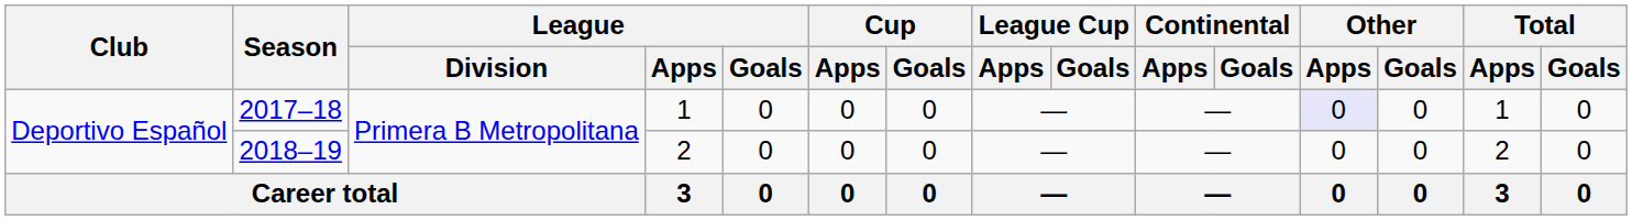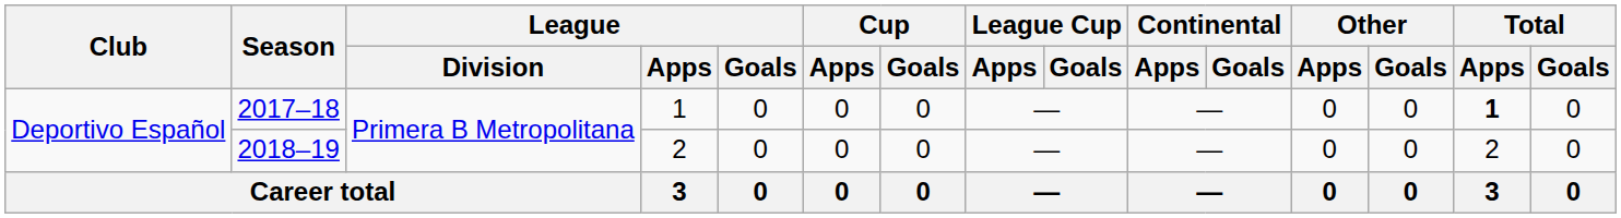 <table class="wikitable" style="text-align:center">
 <tr>
 <th rowspan="2">Club</th>
 <th rowspan="2">Season</th>
 <th colspan="3">League</th>
 <th colspan="2">Cup</th>
 <th colspan="2">League Cup</th>
 <th colspan="2">Continental</th>
 <th colspan="2">Other</th>
 <th colspan="2">Total</th>
 </tr>
 <tr>
 <th>Division</th>
 <th>Apps</th>
 <th>Goals</th>
 <th>Apps</th>
 <th>Goals</th>
 <th>Apps</th>
 <th>Goals</th>
 <th>Apps</th>
 <th>Goals</th>
 <th>Apps</th>
 <th>Goals</th>
 <th>Apps</th>
 <th>Goals</th>
 </tr>
 <tr>
 <td rowspan="2"><a href='#'>Deportivo Español</a></td>
 <td><a href='#'>2017–18</a></td>
 <td rowspan="2"><a href='#'>Primera B Metropolitana</a></td>
 <td>1</td>
 <td>0</td>
 <td>0</td>
 <td>0</td>
 <td colspan="2">—</td>
 <td colspan="2">—</td>
-<td style="background: lavender;">0</td>
 <td>0</td>
-<td>1</td>
+<td>0</td>
+<td><strong>1</strong></td>
 <td>0</td>
 </tr>
 <tr>
 <td><a href='#'>2018–19</a></td>
 <td>2</td>
 <td>0</td>
 <td>0</td>
 <td>0</td>
 <td colspan="2">—</td>
 <td colspan="2">—</td>
 <td>0</td>
 <td>0</td>
 <td>2</td>
 <td>0</td>
 </tr>
 <tr>
 <th colspan="3">Career total</th>
 <th>3</th>
 <th>0</th>
 <th>0</th>
 <th>0</th>
 <th colspan="2">—</th>
 <th colspan="2">—</th>
 <th>0</th>
 <th>0</th>
 <th>3</th>
 <th>0</th>
 </tr>
 </table>
